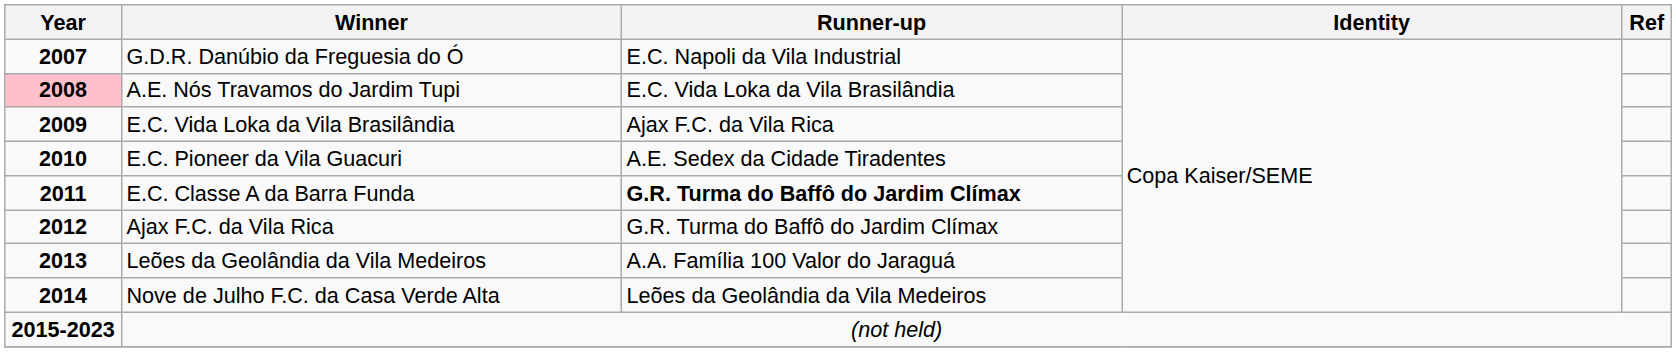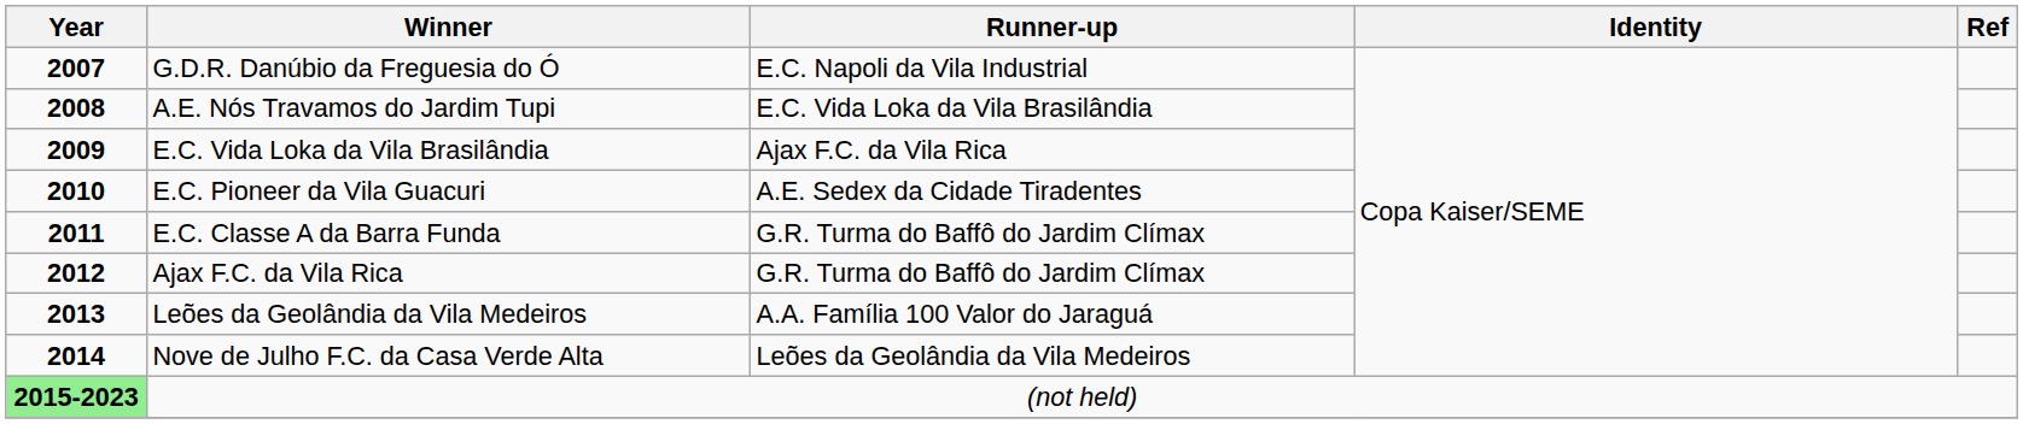 <table class="wikitable sortable" style="width:88%; font-size:90%">
 <tr>
 <th width="7%"><strong>Year</strong></th>
 <th width="30%"><strong>Winner</strong></th>
 <th width="30%"><strong>Runner-up</strong></th>
 <th width="30%"><strong>Identity</strong></th>
 <th width="5%"><strong>Ref</strong></th>
 </tr>
 <tr>
 <td align="center"><strong>2007</strong></td>
 <td>G.D.R. Danúbio da Freguesia do Ó</td>
 <td>E.C. Napoli da Vila Industrial</td>
 <td rowspan="8">Copa Kaiser/SEME</td>
 <td></td>
 </tr>
 <tr>
-<td align="center" style="background: pink;"><strong>2008</strong></td>
+<td align="center"><strong>2008</strong></td>
 <td>A.E. Nós Travamos do Jardim Tupi</td>
 <td>E.C. Vida Loka da Vila Brasilândia</td>
 <td></td>
 </tr>
 <tr>
 <td align="center"><strong>2009</strong></td>
 <td>E.C. Vida Loka da Vila Brasilândia</td>
 <td>Ajax F.C. da Vila Rica</td>
 <td></td>
 </tr>
 <tr>
 <td align="center"><strong>2010</strong></td>
 <td>E.C. Pioneer da Vila Guacuri</td>
 <td>A.E. Sedex da Cidade Tiradentes</td>
 <td></td>
 </tr>
 <tr>
 <td align="center"><strong>2011</strong></td>
 <td>E.C. Classe A da Barra Funda</td>
-<td><strong>G.R. Turma do Baffô do Jardim Clímax</strong></td>
+<td>G.R. Turma do Baffô do Jardim Clímax</td>
 <td></td>
 </tr>
 <tr>
 <td align="center"><strong>2012</strong></td>
 <td>Ajax F.C. da Vila Rica</td>
 <td>G.R. Turma do Baffô do Jardim Clímax</td>
 <td></td>
 </tr>
 <tr>
 <td align="center"><strong>2013</strong></td>
 <td>Leões da Geolândia da Vila Medeiros</td>
 <td>A.A. Família 100 Valor do Jaraguá</td>
 <td></td>
 </tr>
 <tr>
 <td align="center"><strong>2014</strong></td>
 <td>Nove de Julho F.C. da Casa Verde Alta</td>
 <td>Leões da Geolândia da Vila Medeiros</td>
 <td></td>
 </tr>
 <tr>
-<td align="center"><strong>2015-2023</strong></td>
+<td align="center" style="background: lightgreen;"><strong>2015-2023</strong></td>
 <td colspan="4" align="center"><em>(not held)</em></td>
 </tr>
 <tr>
 </tr>
 </table>
